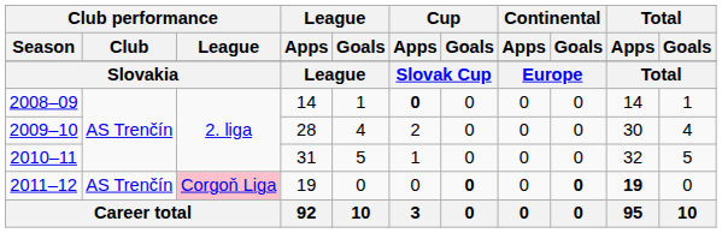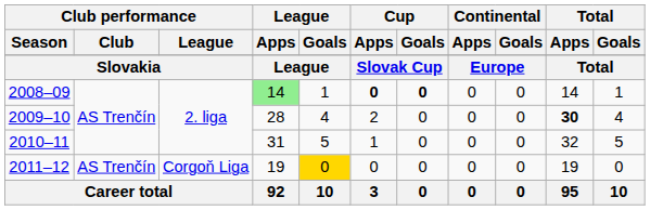 <table class="wikitable" style="text-align:center">
 <tr>
 <th colspan=3>Club performance</th>
 <th colspan=2>League</th>
 <th colspan=2>Cup</th>
 <th colspan=2>Continental</th>
 <th colspan=2>Total</th>
 </tr>
 <tr>
 <th>Season</th>
 <th>Club</th>
 <th>League</th>
 <th>Apps</th>
 <th>Goals</th>
 <th>Apps</th>
 <th>Goals</th>
 <th>Apps</th>
 <th>Goals</th>
 <th>Apps</th>
 <th>Goals</th>
 </tr>
 <tr>
 </tr>
 <tr>
 <th colspan=3>Slovakia</th>
 <th colspan=2>League</th>
 <th colspan=2><a href='#'>Slovak Cup</a></th>
 <th colspan=2><a href='#'>Europe</a></th>
 <th colspan=2>Total</th>
 </tr>
 <tr>
 <td><a href='#'>2008–09</a></td>
 <td rowspan="3"><a href='#'>AS Trenčín</a></td>
 <td rowspan="3"><a href='#'>2. liga</a></td>
-<td>14</td>
+<td style="background: lightgreen;">14</td>
 <td>1</td>
 <td><strong>0</strong></td>
-<td>0</td>
+<td><strong>0</strong></td>
 <td>0</td>
 <td>0</td>
 <td>14</td>
 <td>1</td>
 </tr>
 <tr>
 <td><a href='#'>2009–10</a></td>
 <td>28</td>
 <td>4</td>
 <td>2</td>
 <td>0</td>
 <td>0</td>
 <td>0</td>
-<td>30</td>
+<td><strong>30</strong></td>
 <td>4</td>
 </tr>
 <tr>
 <td><a href='#'>2010–11</a></td>
 <td>31</td>
 <td>5</td>
 <td>1</td>
 <td>0</td>
 <td>0</td>
 <td>0</td>
 <td>32</td>
 <td>5</td>
 </tr>
 <tr>
 <td><a href='#'>2011–12</a></td>
 <td rowspan="1"><a href='#'>AS Trenčín</a></td>
-<td rowspan="1" style="background: pink;"><a href='#'>Corgoň Liga</a></td>
+<td rowspan="1"><a href='#'>Corgoň Liga</a></td>
 <td>19</td>
+<td style="background: gold;">0</td>
 <td>0</td>
 <td>0</td>
-<td><strong>0</strong></td>
 <td>0</td>
-<td><strong>0</strong></td>
-<td><strong>19</strong></td>
+<td>0</td>
+<td>19</td>
 <td>0</td>
 </tr>
 <tr>
 <th colspan=3>Career total</th>
 <th>92</th>
 <th>10</th>
 <th>3</th>
 <th>0</th>
 <th>0</th>
 <th>0</th>
 <th>95</th>
 <th>10</th>
 </tr>
 </table>
